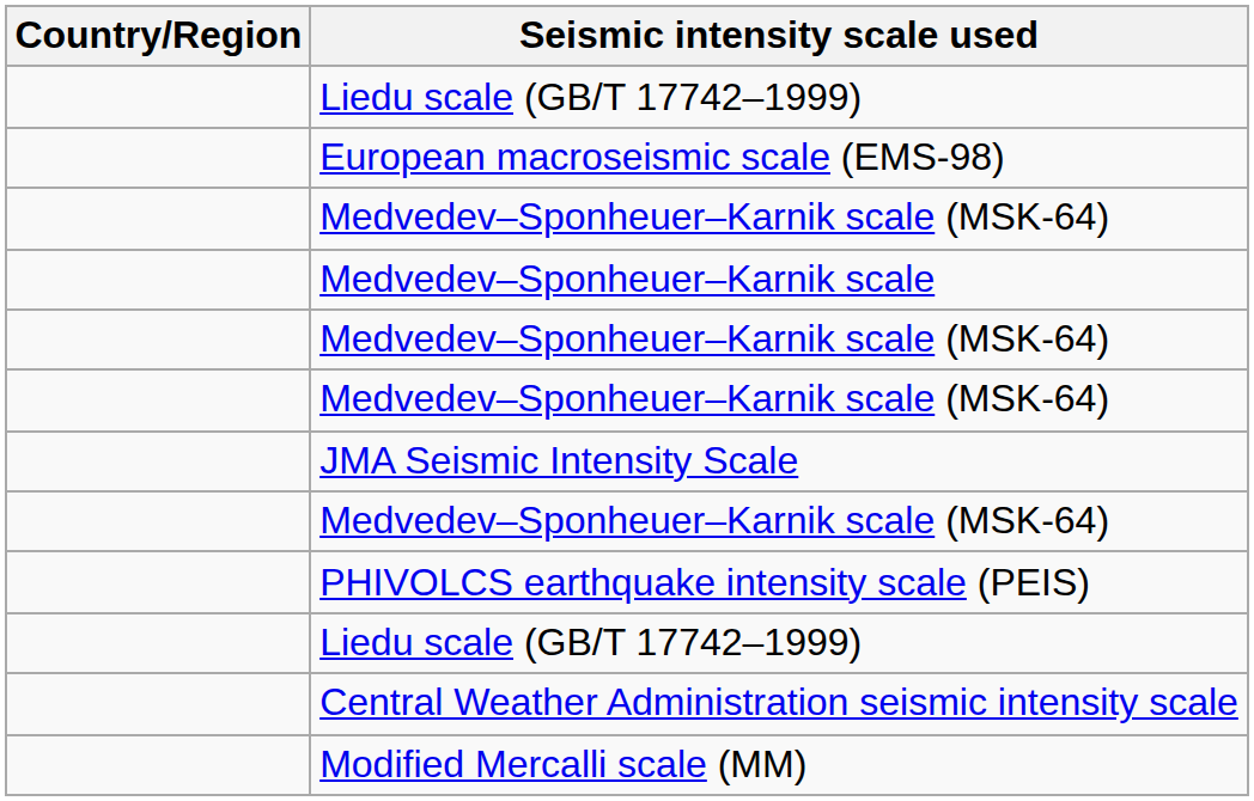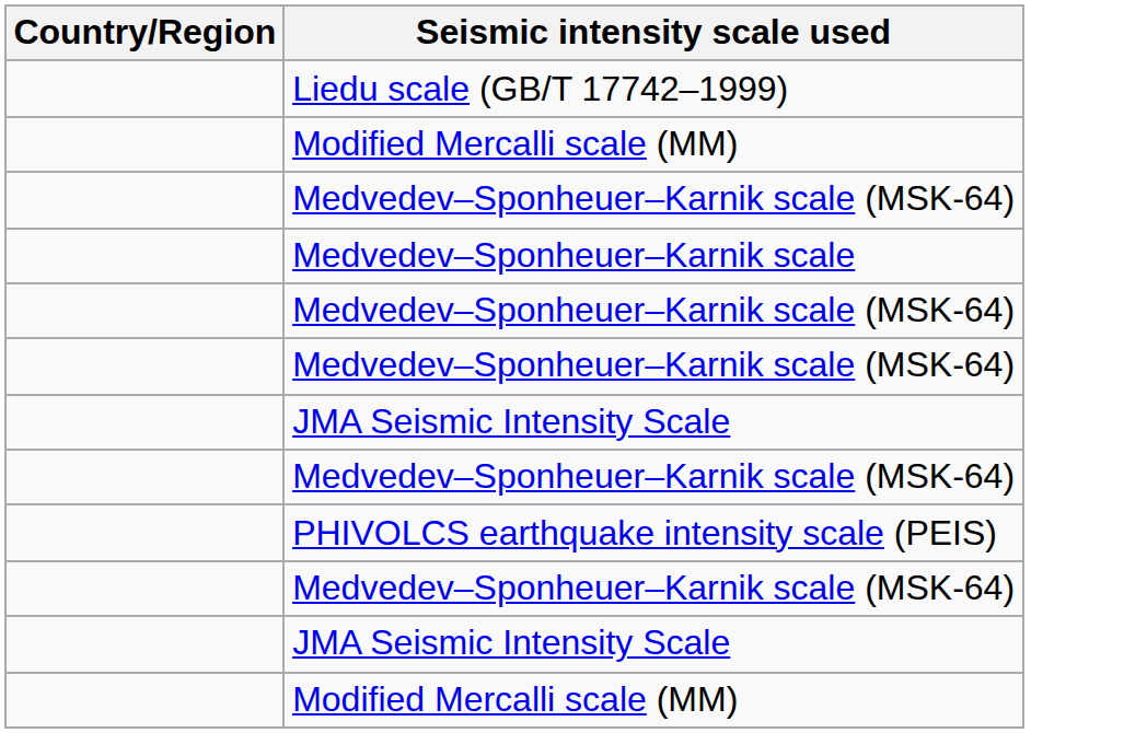 <table class="wikitable sortable" style="clear: right;">
 <tr>
 <th>Country/Region</th>
 <th>Seismic intensity scale used</th>
 </tr>
 <tr>
 <td></td>
 <td><a href='#'>Liedu scale</a> (GB/T 17742–1999)</td>
 </tr>
 <tr>
 <td></td>
-<td><a href='#'>European macroseismic scale</a> (EMS-98)</td>
+<td><a href='#'>Modified Mercalli scale</a> (MM)</td>
 </tr>
 <tr>
 <td></td>
 <td><a href='#'>Medvedev–Sponheuer–Karnik scale</a> (MSK-64)</td>
 </tr>
 <tr>
 <td></td>
 <td><a href='#'>Medvedev–Sponheuer–Karnik scale</a></td>
 </tr>
 <tr>
 <td></td>
 <td><a href='#'>Medvedev–Sponheuer–Karnik scale</a> (MSK-64)</td>
 </tr>
 <tr>
 <td></td>
 <td><a href='#'>Medvedev–Sponheuer–Karnik scale</a> (MSK-64)</td>
 </tr>
 <tr>
 <td></td>
 <td><a href='#'>JMA Seismic Intensity Scale</a></td>
 </tr>
 <tr>
 <td></td>
 <td><a href='#'>Medvedev–Sponheuer–Karnik scale</a> (MSK-64)</td>
 </tr>
 <tr>
 <td></td>
 <td><a href='#'>PHIVOLCS earthquake intensity scale</a> (PEIS)</td>
 </tr>
 <tr>
 <td></td>
-<td><a href='#'>Liedu scale</a> (GB/T 17742–1999)</td>
+<td><a href='#'>Medvedev–Sponheuer–Karnik scale</a> (MSK-64)</td>
 </tr>
 <tr>
 <td></td>
-<td><a href='#'>Central Weather Administration seismic intensity scale</a></td>
+<td><a href='#'>JMA Seismic Intensity Scale</a></td>
 </tr>
 <tr>
 <td></td>
 <td><a href='#'>Modified Mercalli scale</a> (MM)</td>
 </tr>
 <tr>
 </tr>
 </table>
